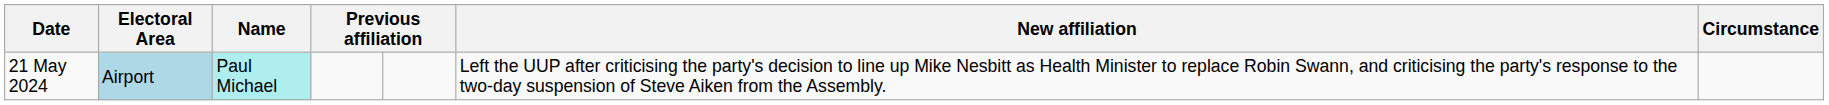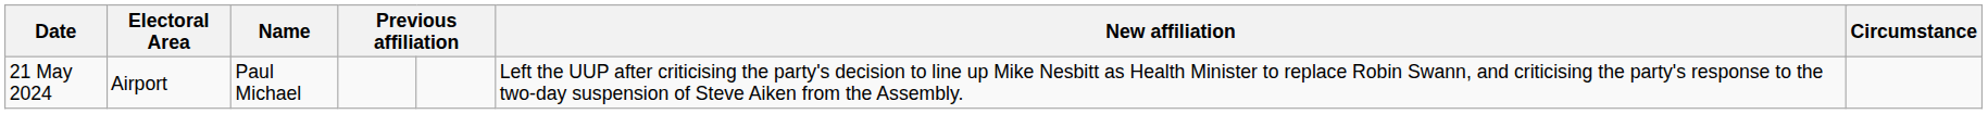 <table class="wikitable" style="font-size: 95%">
 <tr>
 <th>Date</th>
 <th>Electoral Area</th>
 <th>Name</th>
 <th colspan="2">Previous affiliation</th>
 <th colspan="2">New affiliation</th>
 <th>Circumstance</th>
 </tr>
 <tr>
 <td>21 May 2024</td>
-<td style="background: lightblue;">Airport</td>
-<td style="background: paleturquoise;">Paul Michael</td>
+<td>Airport</td>
+<td>Paul Michael</td>
 <td></td>
 <td></td>
 <td>Left the UUP after criticising the party's decision to line up Mike Nesbitt as Health Minister to replace Robin Swann, and criticising the party's response to the two-day suspension of Steve Aiken from the Assembly.</td>
 </tr>
 </table>
